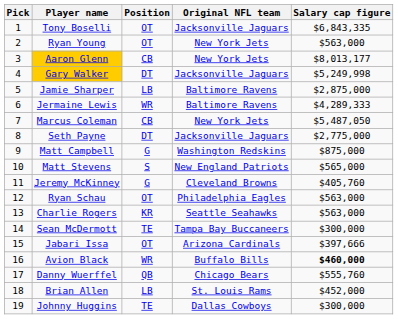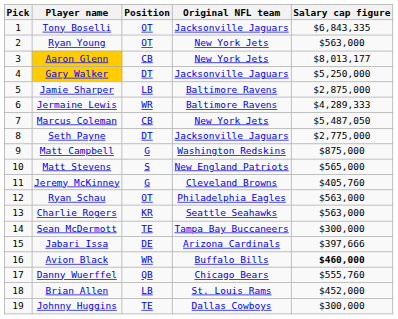 <table class="wikitable sortable sortable" style="text-align:center">
 <tr>
 <th>Pick</th>
 <th>Player name</th>
 <th>Position</th>
 <th>Original NFL team</th>
 <th>Salary cap figure</th>
 </tr>
 <tr>
 <td align="center">1</td>
 <td><a href='#'>Tony Boselli</a></td>
 <td><a href='#'>OT</a></td>
 <td><a href='#'>Jacksonville Jaguars</a></td>
 <td align="center">$6,843,335</td>
 </tr>
 <tr>
 <td align="center">2</td>
 <td><a href='#'>Ryan Young</a></td>
 <td><a href='#'>OT</a></td>
 <td><a href='#'>New York Jets</a></td>
 <td align="center">$563,000</td>
 </tr>
 <tr>
 <td align="center">3</td>
 <td bgcolor="#FFCC00"><a href='#'>Aaron Glenn</a></td>
 <td><a href='#'>CB</a></td>
 <td><a href='#'>New York Jets</a></td>
 <td align="center">$8,013,177</td>
 </tr>
 <tr>
 <td align="center">4</td>
 <td bgcolor="#FFCC00"><a href='#'>Gary Walker</a></td>
 <td><a href='#'>DT</a></td>
 <td><a href='#'>Jacksonville Jaguars</a></td>
-<td align="center">$5,249,998</td>
+<td align="center">$5,250,000</td>
 </tr>
 <tr>
 <td align="center">5</td>
 <td><a href='#'>Jamie Sharper</a></td>
 <td><a href='#'>LB</a></td>
 <td><a href='#'>Baltimore Ravens</a></td>
 <td align="center">$2,875,000</td>
 </tr>
 <tr>
 <td align="center">6</td>
 <td><a href='#'>Jermaine Lewis</a></td>
 <td><a href='#'>WR</a></td>
 <td><a href='#'>Baltimore Ravens</a></td>
 <td align="center">$4,289,333</td>
 </tr>
 <tr>
 <td align="center">7</td>
 <td><a href='#'>Marcus Coleman</a></td>
 <td><a href='#'>CB</a></td>
 <td><a href='#'>New York Jets</a></td>
 <td align="center">$5,487,050</td>
 </tr>
 <tr>
 <td align="center">8</td>
 <td><a href='#'>Seth Payne</a></td>
 <td><a href='#'>DT</a></td>
 <td><a href='#'>Jacksonville Jaguars</a></td>
 <td align="center">$2,775,000</td>
 </tr>
 <tr>
 <td align="center">9</td>
 <td><a href='#'>Matt Campbell</a></td>
 <td><a href='#'>G</a></td>
 <td><a href='#'>Washington Redskins</a></td>
 <td align="center">$875,000</td>
 </tr>
 <tr>
 <td align="center">10</td>
 <td><a href='#'>Matt Stevens</a></td>
 <td><a href='#'>S</a></td>
 <td><a href='#'>New England Patriots</a></td>
 <td align="center">$565,000</td>
 </tr>
 <tr>
 <td align="center">11</td>
 <td><a href='#'>Jeremy McKinney</a></td>
 <td><a href='#'>G</a></td>
 <td><a href='#'>Cleveland Browns</a></td>
 <td align="center">$405,760</td>
 </tr>
 <tr>
 <td align="center">12</td>
 <td><a href='#'>Ryan Schau</a></td>
 <td><a href='#'>OT</a></td>
 <td><a href='#'>Philadelphia Eagles</a></td>
 <td align="center">$563,000</td>
 </tr>
 <tr>
 <td align="center">13</td>
 <td><a href='#'>Charlie Rogers</a></td>
 <td><a href='#'>KR</a></td>
 <td><a href='#'>Seattle Seahawks</a></td>
 <td align="center">$563,000</td>
 </tr>
 <tr>
 <td align="center">14</td>
 <td><a href='#'>Sean McDermott</a></td>
 <td><a href='#'>TE</a></td>
 <td><a href='#'>Tampa Bay Buccaneers</a></td>
 <td align="center">$300,000</td>
 </tr>
 <tr>
 <td align="center">15</td>
 <td><a href='#'>Jabari Issa</a></td>
-<td><a href='#'>OT</a></td>
+<td><a href='#'>DE</a></td>
 <td><a href='#'>Arizona Cardinals</a></td>
 <td align="center">$397,666</td>
 </tr>
 <tr>
 <td align="center">16</td>
 <td><a href='#'>Avion Black</a></td>
 <td><a href='#'>WR</a></td>
 <td><a href='#'>Buffalo Bills</a></td>
 <td align="center"><strong>$460,000</strong></td>
 </tr>
 <tr>
 <td align="center">17</td>
 <td><a href='#'>Danny Wuerffel</a></td>
 <td><a href='#'>QB</a></td>
 <td><a href='#'>Chicago Bears</a></td>
 <td align="center">$555,760</td>
 </tr>
 <tr>
 <td align="center">18</td>
 <td><a href='#'>Brian Allen</a></td>
 <td><a href='#'>LB</a></td>
 <td><a href='#'>St. Louis Rams</a></td>
 <td align="center">$452,000</td>
 </tr>
 <tr>
 <td align="center">19</td>
 <td><a href='#'>Johnny Huggins</a></td>
 <td><a href='#'>TE</a></td>
 <td><a href='#'>Dallas Cowboys</a></td>
 <td align="center">$300,000</td>
 </tr>
 </table>
